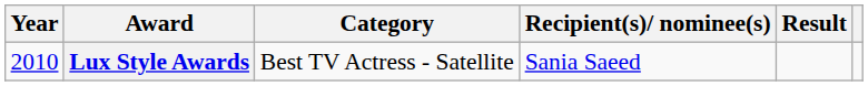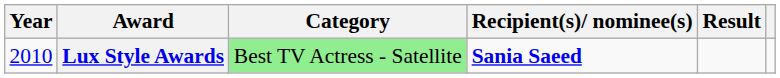 <table class="wikitable plainrowheaders">
 <tr>
 <th>Year</th>
 <th>Award</th>
 <th>Category</th>
 <th>Recipient(s)/ nominee(s)</th>
 <th scope="col" class="unsortable">Result</th>
 <th scope="col" class="unsortable"></th>
 </tr>
 <tr>
 <td rowspan="5"><a href='#'>2010</a></td>
 <th scope="row" rowspan="5"><a href='#'>Lux Style Awards</a></th>
-<td>Best TV Actress - Satellite</td>
-<td><a href='#'>Sania Saeed</a></td>
+<td style="background: lightgreen;">Best TV Actress - Satellite</td>
+<td><strong><a href='#'>Sania Saeed</a></strong></td>
 <td></td>
 <td></td>
 </tr>
 </table>
